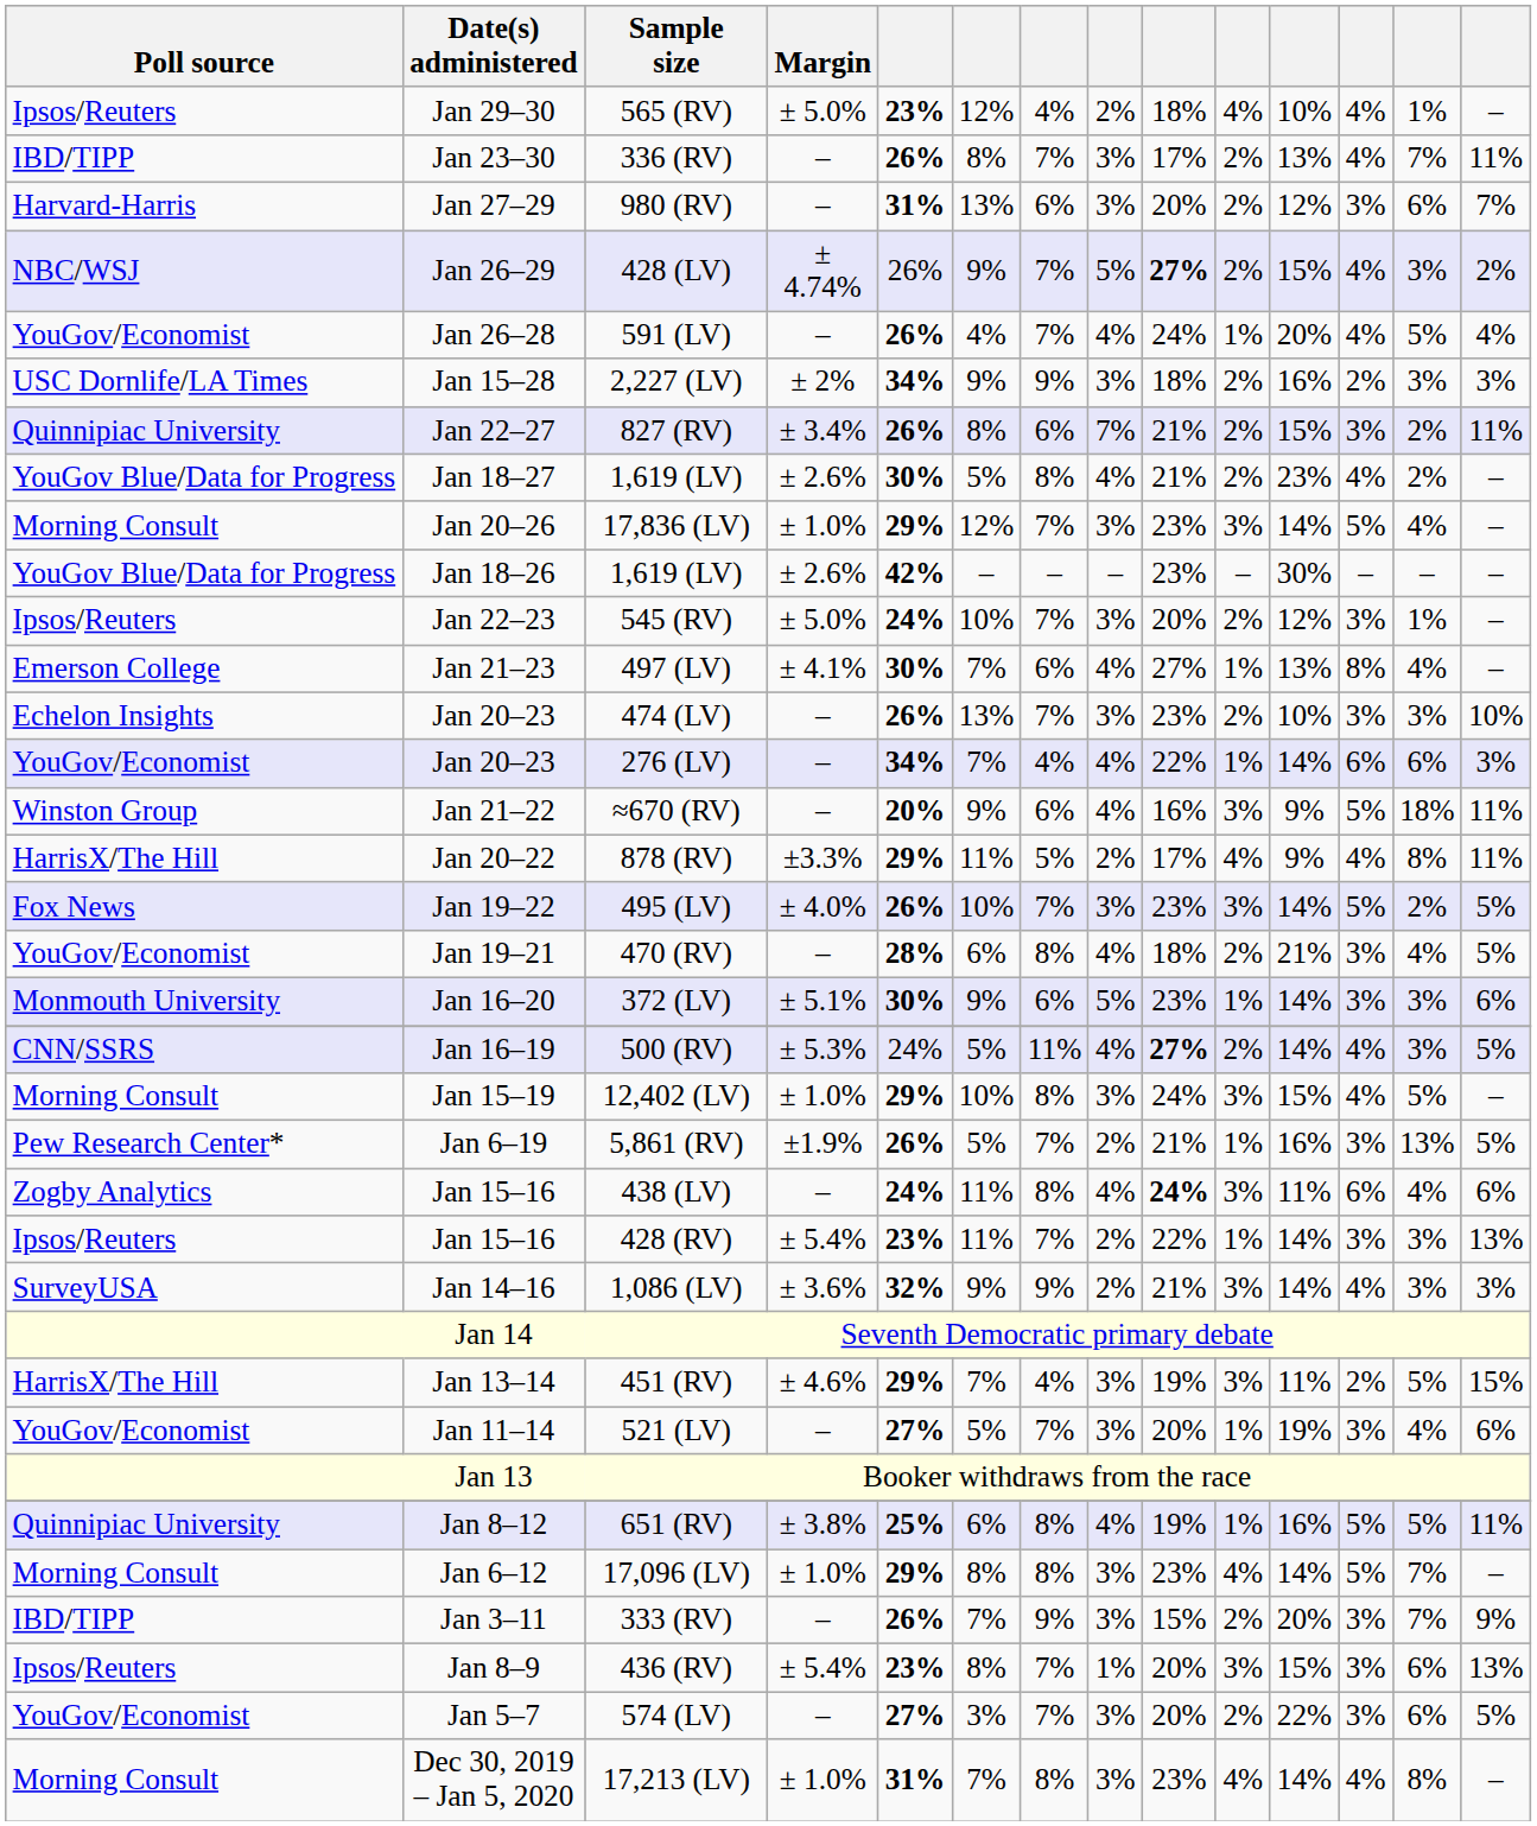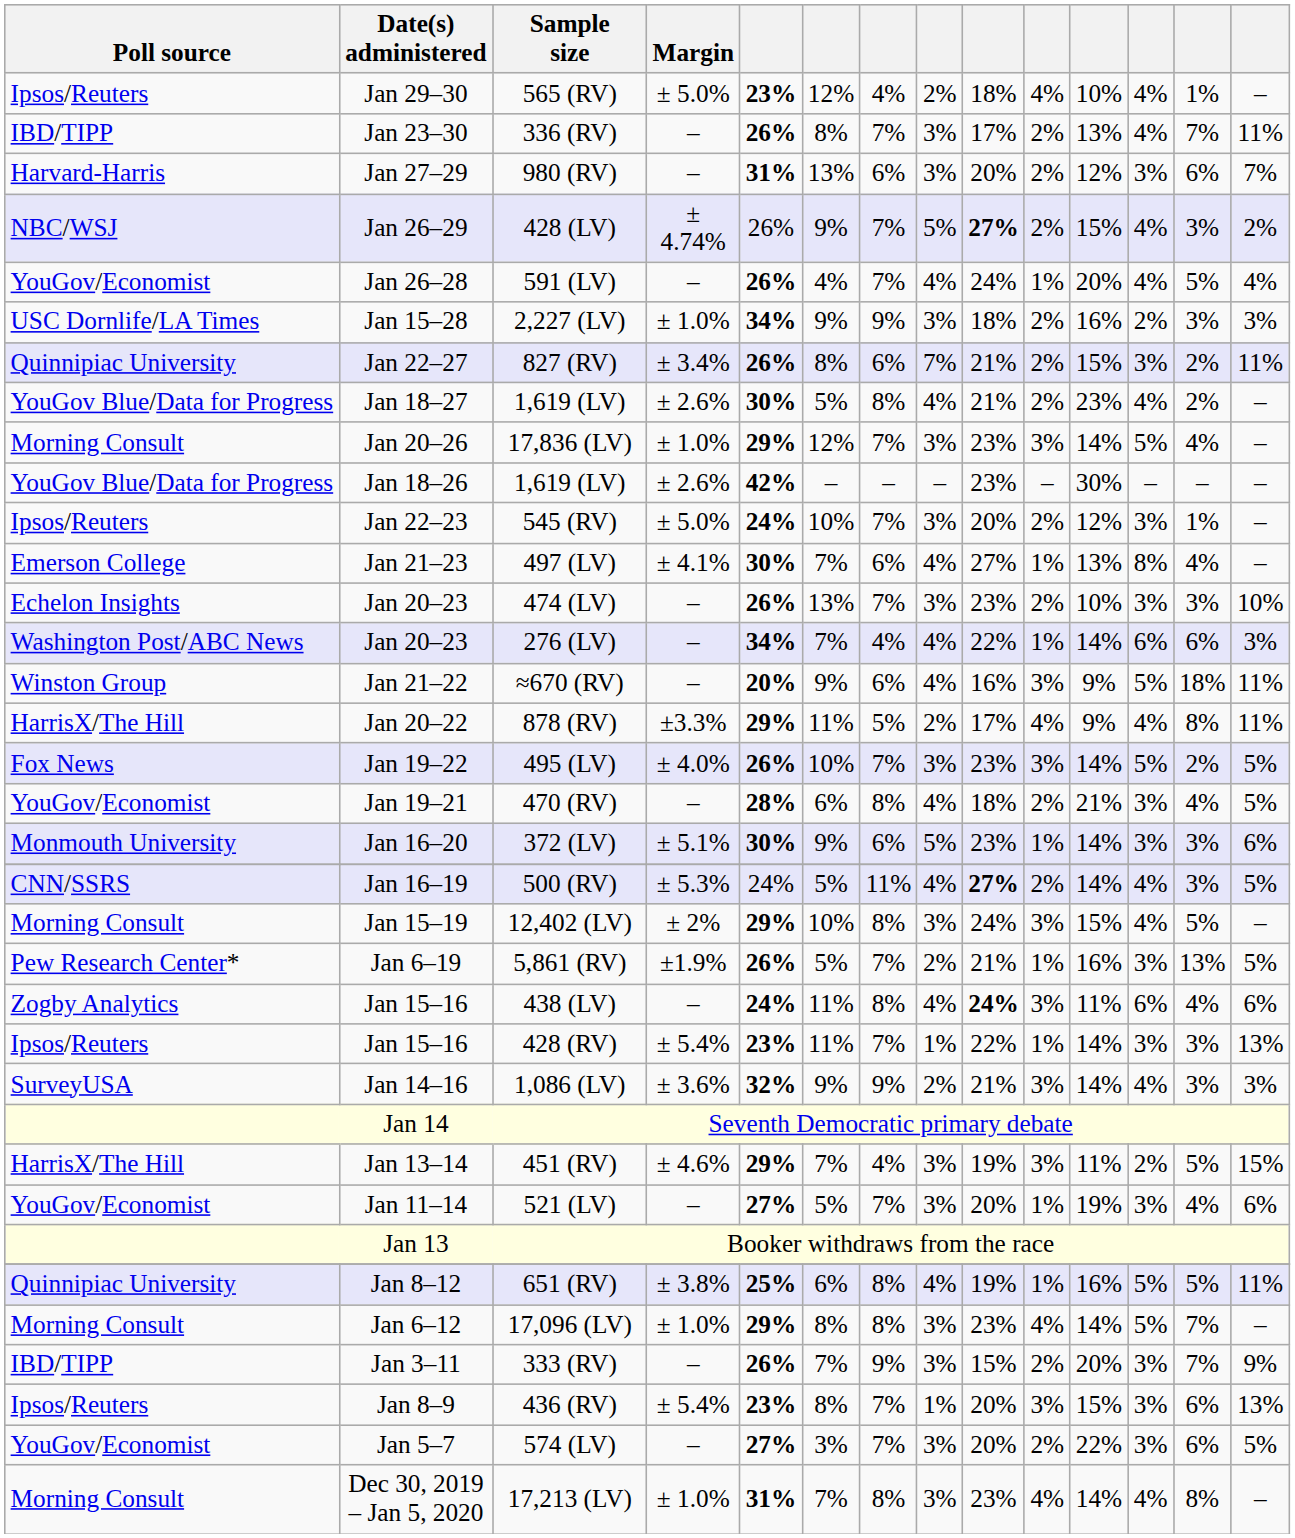 <table class="wikitable sortable" style="text-align:center;">
 <tr valign=bottom>
 <th style="background-position: right 85%;">Poll source</th>
 <th style="width:90px; background-position: right 85%;">Date(s)<br>administered</th>
 <th style="width:90px; background-position: right 85%;">Sample<br>size</th>
 <th style="width:50px; background-position: right 85%;">Margin<br></th>
 <th></th>
 <th></th>
 <th></th>
 <th></th>
 <th></th>
 <th></th>
 <th></th>
 <th></th>
 <th></th>
 <th></th>
 </tr>
 <tr>
 <td style="text-align:left;"><a href='#'>Ipsos</a>/<a href='#'>Reuters</a></td>
 <td>Jan 29–30</td>
 <td>565 (RV)</td>
 <td>± 5.0%</td>
 <td><strong>23%</strong></td>
 <td>12%</td>
 <td>4%</td>
 <td>2%</td>
 <td>18%</td>
 <td>4%</td>
 <td>10%</td>
 <td>4%</td>
 <td>1%</td>
 <td>–</td>
 </tr>
 <tr>
 <td style="text-align:left;"><a href='#'>IBD</a>/<a href='#'>TIPP</a></td>
 <td>Jan 23–30</td>
 <td>336 (RV)</td>
 <td>–</td>
 <td><strong>26%</strong></td>
 <td>8%</td>
 <td>7%</td>
 <td>3%</td>
 <td>17%</td>
 <td>2%</td>
 <td>13%</td>
 <td>4%</td>
 <td>7%</td>
 <td>11%</td>
 </tr>
 <tr>
 <td style="text-align:left;"><a href='#'>Harvard-Harris</a></td>
 <td>Jan 27–29</td>
 <td>980 (RV)</td>
 <td>–</td>
 <td><strong>31%</strong></td>
 <td>13%</td>
 <td>6%</td>
 <td>3%</td>
 <td>20%</td>
 <td>2%</td>
 <td>12%</td>
 <td>3%</td>
 <td>6%</td>
 <td>7%</td>
 </tr>
 <tr bgcolor="lavender">
 <td style="text-align:left;"><a href='#'>NBC</a>/<a href='#'>WSJ</a></td>
 <td>Jan 26–29</td>
 <td>428 (LV)</td>
 <td>± 4.74%</td>
 <td>26%</td>
 <td>9%</td>
 <td>7%</td>
 <td>5%</td>
 <td><strong>27%</strong></td>
 <td>2%</td>
 <td>15%</td>
 <td>4%</td>
 <td>3%</td>
 <td>2%</td>
 </tr>
 <tr>
 <td style="text-align:left;"><a href='#'>YouGov</a>/<a href='#'>Economist</a></td>
 <td>Jan 26–28</td>
 <td>591 (LV)</td>
 <td>–</td>
 <td><strong>26%</strong></td>
 <td>4%</td>
 <td>7%</td>
 <td>4%</td>
 <td>24%</td>
 <td>1%</td>
 <td>20%</td>
 <td>4%</td>
 <td>5%</td>
 <td>4%</td>
 </tr>
 <tr>
 <td style="text-align:left;"><a href='#'>USC Dornlife</a>/<a href='#'>LA Times</a> </td>
 <td>Jan 15–28</td>
 <td>2,227 (LV)</td>
-<td>± 2%</td>
+<td>± 1.0%</td>
 <td><strong>34%</strong></td>
 <td>9%</td>
 <td>9%</td>
 <td>3%</td>
 <td>18%</td>
 <td>2%</td>
 <td>16%</td>
 <td>2%</td>
 <td>3%</td>
 <td>3%</td>
 </tr>
 <tr bgcolor="lavender">
 <td style="text-align:left;"><a href='#'>Quinnipiac University</a></td>
 <td>Jan 22–27</td>
 <td>827 (RV)</td>
 <td>± 3.4%</td>
 <td><strong>26%</strong></td>
 <td>8%</td>
 <td>6%</td>
 <td>7%</td>
 <td>21%</td>
 <td>2%</td>
 <td>15%</td>
 <td>3%</td>
 <td>2%</td>
 <td>11%</td>
 </tr>
 <tr>
 <td style="text-align:left;"><a href='#'>YouGov Blue</a>/<a href='#'>Data for Progress</a></td>
 <td>Jan 18–27</td>
 <td>1,619 (LV)</td>
 <td>± 2.6%</td>
 <td><strong>30%</strong></td>
 <td>5%</td>
 <td>8%</td>
 <td>4%</td>
 <td>21%</td>
 <td>2%</td>
 <td>23%</td>
 <td>4%</td>
 <td>2%</td>
 <td>–</td>
 </tr>
 <tr>
 <td style="text-align:left;"><a href='#'>Morning Consult</a></td>
 <td>Jan 20–26</td>
 <td>17,836 (LV)</td>
 <td>± 1.0%</td>
 <td><strong>29%</strong></td>
 <td>12%</td>
 <td>7%</td>
 <td>3%</td>
 <td>23%</td>
 <td>3%</td>
 <td>14%</td>
 <td>5%</td>
 <td>4%</td>
 <td>–</td>
 </tr>
 <tr>
 <td style="text-align:left;"><a href='#'>YouGov Blue</a>/<a href='#'>Data for Progress</a></td>
 <td>Jan 18–26</td>
 <td>1,619 (LV)</td>
 <td>± 2.6%</td>
 <td><strong>42%</strong></td>
 <td>–</td>
 <td>–</td>
 <td>–</td>
 <td>23%</td>
 <td>–</td>
 <td>30%</td>
 <td>–</td>
 <td>–</td>
 <td>–</td>
 </tr>
 <tr>
 <td style="text-align:left;"><a href='#'>Ipsos</a>/<a href='#'>Reuters</a></td>
 <td>Jan 22–23</td>
 <td>545 (RV)</td>
 <td>± 5.0%</td>
 <td><strong>24%</strong></td>
 <td>10%</td>
 <td>7%</td>
 <td>3%</td>
 <td>20%</td>
 <td>2%</td>
 <td>12%</td>
 <td>3%</td>
 <td>1%</td>
 <td>–</td>
 </tr>
 <tr>
 <td style="text-align:left;"><a href='#'>Emerson College</a></td>
 <td>Jan 21–23</td>
 <td>497 (LV)</td>
 <td>± 4.1%</td>
 <td><strong>30%</strong></td>
 <td>7%</td>
 <td>6%</td>
 <td>4%</td>
 <td>27%</td>
 <td>1%</td>
 <td>13%</td>
 <td>8%</td>
 <td>4%</td>
 <td>–</td>
 </tr>
 <tr>
 <td style="text-align:left;"><a href='#'>Echelon Insights</a></td>
 <td>Jan 20–23</td>
 <td>474 (LV)</td>
 <td>–</td>
 <td><strong>26%</strong></td>
 <td>13%</td>
 <td>7%</td>
 <td>3%</td>
 <td>23%</td>
 <td>2%</td>
 <td>10%</td>
 <td>3%</td>
 <td>3%</td>
 <td>10%</td>
 </tr>
 <tr bgcolor="lavender">
-<td style="text-align:left;"><a href='#'>YouGov</a>/<a href='#'>Economist</a></td>
+<td style="text-align:left;"><a href='#'>Washington Post</a>/<a href='#'>ABC News</a></td>
 <td>Jan 20–23</td>
 <td>276 (LV)</td>
 <td>–</td>
 <td><strong>34%</strong></td>
 <td>7%</td>
 <td>4%</td>
 <td>4%</td>
 <td>22%</td>
 <td>1%</td>
 <td>14%</td>
 <td>6%</td>
 <td>6%</td>
 <td>3%</td>
 </tr>
 <tr>
 <td style="text-align:left;"><a href='#'>Winston Group</a></td>
 <td>Jan 21–22</td>
 <td>≈670 (RV)</td>
 <td>–</td>
 <td><strong>20%</strong></td>
 <td>9%</td>
 <td>6%</td>
 <td>4%</td>
 <td>16%</td>
 <td>3%</td>
 <td>9%</td>
 <td>5%</td>
 <td>18%</td>
 <td>11%</td>
 </tr>
 <tr>
 <td style="text-align:left;"><a href='#'>HarrisX</a>/<a href='#'>The Hill</a></td>
 <td>Jan 20–22</td>
 <td>878 (RV)</td>
 <td>±3.3%</td>
 <td><strong>29%</strong></td>
 <td>11%</td>
 <td>5%</td>
 <td>2%</td>
 <td>17%</td>
 <td>4%</td>
 <td>9%</td>
 <td>4%</td>
 <td>8%</td>
 <td>11%</td>
 </tr>
 <tr bgcolor="lavender">
 <td style="text-align:left;"><a href='#'>Fox News</a></td>
 <td>Jan 19–22</td>
 <td>495 (LV)</td>
 <td>± 4.0%</td>
 <td><strong>26%</strong></td>
 <td>10%</td>
 <td>7%</td>
 <td>3%</td>
 <td>23%</td>
 <td>3%</td>
 <td>14%</td>
 <td>5%</td>
 <td>2%</td>
 <td>5%</td>
 </tr>
 <tr>
 <td style="text-align:left;"><a href='#'>YouGov</a>/<a href='#'>Economist</a></td>
 <td>Jan 19–21</td>
 <td>470 (RV)</td>
 <td>–</td>
 <td><strong>28%</strong></td>
 <td>6%</td>
 <td>8%</td>
 <td>4%</td>
 <td>18%</td>
 <td>2%</td>
 <td>21%</td>
 <td>3%</td>
 <td>4%</td>
 <td>5%</td>
 </tr>
 <tr bgcolor="lavender">
 <td style="text-align:left;"><a href='#'>Monmouth University</a></td>
 <td>Jan 16–20</td>
 <td>372 (LV)</td>
 <td>± 5.1%</td>
 <td><strong>30%</strong></td>
 <td>9%</td>
 <td>6%</td>
 <td>5%</td>
 <td>23%</td>
 <td>1%</td>
 <td>14%</td>
 <td>3%</td>
 <td>3%</td>
 <td>6%</td>
 </tr>
 <tr>
 </tr>
 <tr bgcolor="lavender">
 <td style="text-align:left;"><a href='#'>CNN</a>/<a href='#'>SSRS</a></td>
 <td>Jan 16–19</td>
 <td>500 (RV)</td>
 <td>± 5.3%</td>
 <td>24%</td>
 <td>5%</td>
 <td>11%</td>
 <td>4%</td>
 <td><strong>27%</strong></td>
 <td>2%</td>
 <td>14%</td>
 <td>4%</td>
 <td>3%</td>
 <td>5%</td>
 </tr>
 <tr>
 <td style="text-align:left;"><a href='#'>Morning Consult</a></td>
 <td>Jan 15–19</td>
 <td>12,402 (LV)</td>
-<td>± 1.0%</td>
+<td>± 2%</td>
 <td><strong>29%</strong></td>
 <td>10%</td>
 <td>8%</td>
 <td>3%</td>
 <td>24%</td>
 <td>3%</td>
 <td>15%</td>
 <td>4%</td>
 <td>5%</td>
 <td>–</td>
 </tr>
 <tr>
 <td style="text-align:left;"><a href='#'>Pew Research Center</a>*</td>
 <td>Jan 6–19</td>
 <td>5,861 (RV)</td>
 <td>±1.9%</td>
 <td><strong>26%</strong></td>
 <td>5%</td>
 <td>7%</td>
 <td>2%</td>
 <td>21%</td>
 <td>1%</td>
 <td>16%</td>
 <td>3%</td>
 <td>13%</td>
 <td>5%</td>
 </tr>
 <tr>
 <td style="text-align:left;"><a href='#'>Zogby Analytics</a></td>
 <td>Jan 15–16</td>
 <td>438 (LV)</td>
 <td>–</td>
 <td><strong>24%</strong></td>
 <td>11%</td>
 <td>8%</td>
 <td>4%</td>
 <td><strong>24%</strong></td>
 <td>3%</td>
 <td>11%</td>
 <td>6%</td>
 <td>4%</td>
 <td>6%</td>
 </tr>
 <tr>
 <td style="text-align:left;"><a href='#'>Ipsos</a>/<a href='#'>Reuters</a></td>
 <td>Jan 15–16</td>
 <td>428 (RV)</td>
 <td>± 5.4%</td>
 <td><strong>23%</strong></td>
 <td>11%</td>
 <td>7%</td>
-<td>2%</td>
+<td>1%</td>
 <td>22%</td>
 <td>1%</td>
 <td>14%</td>
 <td>3%</td>
 <td>3%</td>
 <td>13%</td>
 </tr>
 <tr>
 <td style="text-align:left;"><a href='#'>SurveyUSA</a></td>
 <td>Jan 14–16</td>
 <td>1,086 (LV)</td>
 <td>± 3.6%</td>
 <td><strong>32%</strong></td>
 <td>9%</td>
 <td>9%</td>
 <td>2%</td>
 <td>21%</td>
 <td>3%</td>
 <td>14%</td>
 <td>4%</td>
 <td>3%</td>
 <td>3%</td>
 </tr>
 <tr style="background:lightyellow;">
 <td style="border-right-style:hidden;"></td>
 <td style="border-right-style:hidden;">Jan 14</td>
 <td colspan="12"><a href='#'>Seventh Democratic primary debate</a></td>
 </tr>
 <tr>
 <td style="text-align:left;"><a href='#'>HarrisX</a>/<a href='#'>The Hill</a></td>
 <td>Jan 13–14</td>
 <td>451 (RV)</td>
 <td>± 4.6%</td>
 <td><strong>29%</strong></td>
 <td>7%</td>
 <td>4%</td>
 <td>3%</td>
 <td>19%</td>
 <td>3%</td>
 <td>11%</td>
 <td>2%</td>
 <td>5%</td>
 <td>15%</td>
 </tr>
 <tr>
 <td style="text-align:left;"><a href='#'>YouGov</a>/<a href='#'>Economist</a></td>
 <td>Jan 11–14</td>
 <td>521 (LV)</td>
 <td>–</td>
 <td><strong>27%</strong></td>
 <td>5%</td>
 <td>7%</td>
 <td>3%</td>
 <td>20%</td>
 <td>1%</td>
 <td>19%</td>
 <td>3%</td>
 <td>4%</td>
 <td>6%</td>
 </tr>
 <tr style="background:lightyellow;">
 <td style="border-right-style:hidden;"></td>
 <td style="border-right-style:hidden;">Jan 13</td>
 <td colspan="12">Booker withdraws from the race</td>
 </tr>
 <tr>
 </tr>
 <tr bgcolor=lavender>
 <td style="text-align:left;"><a href='#'>Quinnipiac University</a></td>
 <td>Jan 8–12</td>
 <td>651 (RV)</td>
 <td>± 3.8%</td>
 <td><strong>25%</strong></td>
 <td>6%</td>
 <td>8%</td>
 <td>4%</td>
 <td>19%</td>
 <td>1%</td>
 <td>16%</td>
 <td>5%</td>
 <td>5%</td>
 <td>11%</td>
 </tr>
 <tr>
 <td style="text-align:left;"><a href='#'>Morning Consult</a></td>
 <td>Jan 6–12</td>
 <td>17,096 (LV)</td>
 <td>± 1.0%</td>
 <td><strong>29%</strong></td>
 <td>8%</td>
 <td>8%</td>
 <td>3%</td>
 <td>23%</td>
 <td>4%</td>
 <td>14%</td>
 <td>5%</td>
 <td>7%</td>
 <td>–</td>
 </tr>
 <tr>
 <td style="text-align:left;"><a href='#'>IBD</a>/<a href='#'>TIPP</a></td>
 <td>Jan 3–11</td>
 <td>333 (RV)</td>
 <td>–</td>
 <td><strong>26%</strong></td>
 <td>7%</td>
 <td>9%</td>
 <td>3%</td>
 <td>15%</td>
 <td>2%</td>
 <td>20%</td>
 <td>3%</td>
 <td>7%</td>
 <td>9%</td>
 </tr>
 <tr>
 <td style="text-align:left;"><a href='#'>Ipsos</a>/<a href='#'>Reuters</a></td>
 <td>Jan 8–9</td>
 <td>436 (RV)</td>
 <td>± 5.4%</td>
 <td><strong>23%</strong></td>
 <td>8%</td>
 <td>7%</td>
 <td>1%</td>
 <td>20%</td>
 <td>3%</td>
 <td>15%</td>
 <td>3%</td>
 <td>6%</td>
 <td>13%</td>
 </tr>
 <tr>
 <td style="text-align:left;"><a href='#'>YouGov</a>/<a href='#'>Economist</a></td>
 <td>Jan 5–7</td>
 <td>574 (LV)</td>
 <td>–</td>
 <td><strong>27%</strong></td>
 <td>3%</td>
 <td>7%</td>
 <td>3%</td>
 <td>20%</td>
 <td>2%</td>
 <td>22%</td>
 <td>3%</td>
 <td>6%</td>
 <td>5%</td>
 </tr>
 <tr>
 <td style="text-align:left;"><a href='#'>Morning Consult</a></td>
 <td>Dec 30, 2019 – Jan 5, 2020</td>
 <td>17,213 (LV)</td>
 <td>± 1.0%</td>
 <td><strong>31%</strong></td>
 <td>7%</td>
 <td>8%</td>
 <td>3%</td>
 <td>23%</td>
 <td>4%</td>
 <td>14%</td>
 <td>4%</td>
 <td>8% </td>
 <td>–</td>
 </tr>
 </table>
